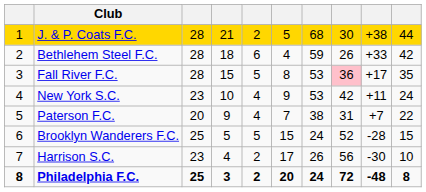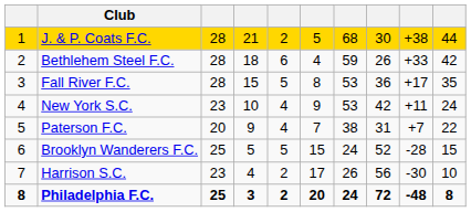 <table class="wikitable" style="text-align:center">
 <tr>
 <th width=30></th>
 <th>Club</th>
 <th width=30></th>
 <th width=30></th>
 <th width=30></th>
 <th width=30></th>
 <th width=30></th>
 <th width=30></th>
 <th width=30></th>
 <th width=30></th>
 </tr>
 <tr bgcolor="gold">
 <td>1</td>
 <td align=left><a href='#'>J. & P. Coats F.C.</a></td>
 <td>28</td>
 <td>21</td>
 <td>2</td>
 <td>5</td>
 <td>68</td>
 <td>30</td>
 <td>+38</td>
 <td>44</td>
 </tr>
 <tr>
 <td>2</td>
 <td align=left><a href='#'>Bethlehem Steel F.C.</a></td>
 <td>28</td>
 <td>18</td>
 <td>6</td>
 <td>4</td>
 <td>59</td>
 <td>26</td>
 <td>+33</td>
 <td>42</td>
 </tr>
 <tr>
 <td>3</td>
 <td align=left><a href='#'>Fall River F.C.</a></td>
 <td>28</td>
 <td>15</td>
 <td>5</td>
 <td>8</td>
 <td>53</td>
-<td style="background: pink;">36</td>
+<td>36</td>
 <td>+17</td>
 <td>35</td>
 </tr>
 <tr>
 <td>4</td>
 <td align=left><a href='#'>New York S.C.</a></td>
 <td>23</td>
 <td>10</td>
 <td>4</td>
 <td>9</td>
 <td>53</td>
 <td>42</td>
 <td>+11</td>
 <td>24</td>
 </tr>
 <tr>
 <td>5</td>
 <td align=left><a href='#'>Paterson F.C.</a></td>
 <td>20</td>
 <td>9</td>
 <td>4</td>
 <td>7</td>
 <td>38</td>
 <td>31</td>
 <td>+7</td>
 <td>22</td>
 </tr>
 <tr>
 <td>6</td>
 <td align=left><a href='#'>Brooklyn Wanderers F.C.</a></td>
 <td>25</td>
 <td>5</td>
 <td>5</td>
 <td>15</td>
 <td>24</td>
 <td>52</td>
 <td>-28</td>
 <td>15</td>
 </tr>
 <tr>
 <td>7</td>
 <td align=left><a href='#'>Harrison S.C.</a></td>
 <td>23</td>
 <td>4</td>
 <td>2</td>
 <td>17</td>
 <td>26</td>
 <td>56</td>
 <td>-30</td>
 <td>10</td>
 </tr>
 <tr>
 <td><strong>8</strong></td>
 <td align=left><strong><a href='#'>Philadelphia F.C.</a></strong></td>
 <td><strong>25</strong></td>
 <td><strong>3</strong></td>
 <td><strong>2</strong></td>
 <td><strong>20</strong></td>
 <td><strong>24</strong></td>
 <td><strong>72</strong></td>
 <td><strong>-48</strong></td>
 <td><strong>8</strong></td>
 </tr>
 </table>
